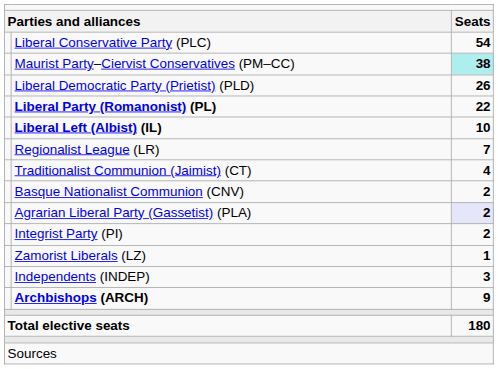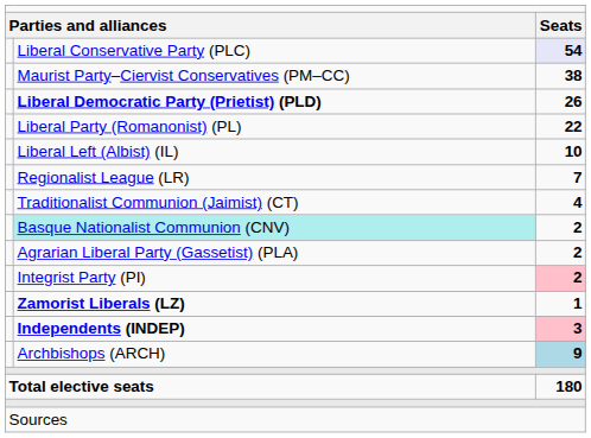 <table class="wikitable" style="text-align:right;">
 <tr>
 <td colspan="3"></td>
 </tr>
 <tr>
 <th style="text-align:left;" colspan="2" width="525">Parties and alliances</th>
 <th width="35">Seats</th>
 </tr>
 <tr>
 <td width="1" style="color:inherit;background:"></td>
 <td align="left"><a href='#'>Liberal Conservative Party</a> (PLC)</td>
-<td><strong>54</strong></td>
+<td style="background: lavender;"><strong>54</strong></td>
 </tr>
 <tr>
 <td style="color:inherit;background:"></td>
 <td align="left"><a href='#'>Maurist Party</a>–<a href='#'>Ciervist Conservatives</a> (PM–CC)</td>
-<td style="background: paleturquoise;"><strong>38</strong></td>
+<td><strong>38</strong></td>
 </tr>
 <tr>
 <td style="color:inherit;background:"></td>
-<td align="left"><a href='#'>Liberal Democratic Party (Prietist)</a> (PLD)</td>
+<td align="left"><strong><a href='#'>Liberal Democratic Party (Prietist)</a> (PLD)</strong></td>
 <td><strong>26</strong></td>
 </tr>
 <tr>
 <td style="color:inherit;background:"></td>
-<td align="left"><strong><a href='#'>Liberal Party (Romanonist)</a> (PL)</strong></td>
+<td align="left"><a href='#'>Liberal Party (Romanonist)</a> (PL)</td>
 <td><strong>22</strong></td>
 </tr>
 <tr>
 <td style="color:inherit;background:"></td>
-<td align="left"><strong><a href='#'>Liberal Left (Albist)</a> (IL)</strong></td>
+<td align="left"><a href='#'>Liberal Left (Albist)</a> (IL)</td>
 <td><strong>10</strong></td>
 </tr>
 <tr>
 <td style="color:inherit;background:"></td>
 <td align="left"><a href='#'>Regionalist League</a> (LR)</td>
 <td><strong>7</strong></td>
 </tr>
 <tr>
 <td style="color:inherit;background:"></td>
 <td align="left"><a href='#'>Traditionalist Communion (Jaimist)</a> (CT)</td>
 <td><strong>4</strong></td>
 </tr>
 <tr>
 <td style="color:inherit;background:"></td>
-<td align="left"><a href='#'>Basque Nationalist Communion</a> (CNV)</td>
+<td align="left" style="background: paleturquoise;"><a href='#'>Basque Nationalist Communion</a> (CNV)</td>
 <td><strong>2</strong></td>
 </tr>
 <tr>
 <td style="color:inherit;background:"></td>
 <td align="left"><a href='#'>Agrarian Liberal Party (Gassetist)</a> (PLA)</td>
-<td style="background: lavender;"><strong>2</strong></td>
+<td><strong>2</strong></td>
 </tr>
 <tr>
 <td style="color:inherit;background:"></td>
 <td align="left"><a href='#'>Integrist Party</a> (PI)</td>
-<td><strong>2</strong></td>
+<td style="background: pink;"><strong>2</strong></td>
 </tr>
 <tr>
 <td style="color:inherit;background:"></td>
-<td align="left"><a href='#'>Zamorist Liberals</a> (LZ)</td>
+<td align="left"><strong><a href='#'>Zamorist Liberals</a> (LZ)</strong></td>
 <td><strong>1</strong></td>
 </tr>
 <tr>
 <td style="color:inherit;background:"></td>
-<td align="left"><a href='#'>Independents</a> (INDEP)</td>
-<td><strong>3</strong></td>
+<td align="left"><strong><a href='#'>Independents</a> (INDEP)</strong></td>
+<td style="background: pink;"><strong>3</strong></td>
 </tr>
 <tr>
 <td style="color:inherit;background:"></td>
-<td align="left"><strong><a href='#'>Archbishops</a> (ARCH)</strong></td>
-<td><strong>9</strong></td>
+<td align="left"><a href='#'>Archbishops</a> (ARCH)</td>
+<td style="background: lightblue;"><strong>9</strong></td>
 </tr>
 <tr>
 <td colspan="3" bgcolor="#E9E9E9"></td>
 </tr>
 <tr style="font-weight:bold;">
 <td align="left" colspan="2">Total elective seats</td>
 <td>180</td>
 </tr>
 <tr>
 <td colspan="3" bgcolor="#E9E9E9"></td>
 </tr>
 <tr>
 <td align="left" colspan="3">Sources</td>
 </tr>
 </table>
